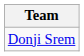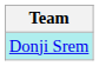 <table class="wikitable">
 <tr>
 <th>Team</th>
 </tr>
 <tr>
-<td><a href='#'>Donji Srem</a></td>
+<td style="background: paleturquoise;"><a href='#'>Donji Srem</a></td>
 </tr>
 </table>
